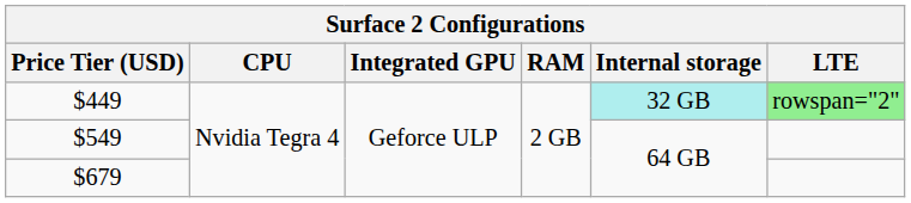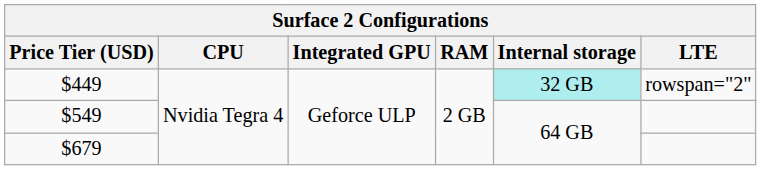 <table class="wikitable" style="text-align:center">
 <tr>
 <th colspan="6">Surface 2 Configurations</th>
 </tr>
 <tr>
 <th>Price Tier (USD)</th>
 <th>CPU</th>
 <th>Integrated GPU</th>
 <th>RAM</th>
 <th>Internal storage</th>
 <th>LTE</th>
 </tr>
 <tr>
 <td>$449</td>
 <td rowspan="3">Nvidia Tegra 4</td>
 <td rowspan="3">Geforce ULP</td>
 <td rowspan="3">2 GB</td>
 <td style="background: paleturquoise;">32 GB</td>
-<td style="background: lightgreen;">rowspan="2" </td>
+<td>rowspan="2" </td>
 </tr>
 <tr>
 <td>$549</td>
 <td rowspan="2">64 GB</td>
 </tr>
 <tr>
 <td>$679</td>
 <td></td>
 </tr>
 </table>
